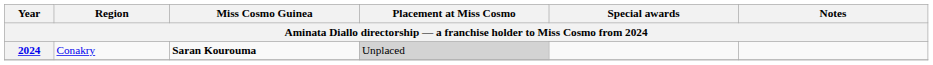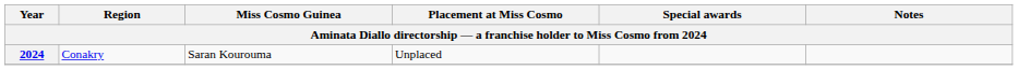 <table class="wikitable " style="font-size: 95%;">
 <tr>
 <th width="60">Year</th>
 <th width="150">Region</th>
 <th width="250">Miss Cosmo Guinea</th>
 <th width="250">Placement at Miss Cosmo</th>
 <th width="250">Special awards</th>
 <th width="250">Notes</th>
 </tr>
 <tr>
 <th colspan="6">Aminata Diallo directorship — a franchise holder to Miss Cosmo from 2024</th>
 </tr>
 <tr>
 <th><a href='#'>2024</a></th>
 <td><a href='#'>Conakry</a></td>
-<td><strong>Saran Kourouma</strong></td>
-<td style="background: lightgrey;">Unplaced</td>
+<td>Saran Kourouma</td>
+<td>Unplaced</td>
 <td></td>
 <td></td>
 </tr>
 <tr>
 </tr>
 </table>
